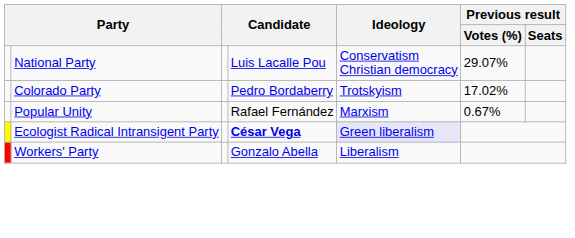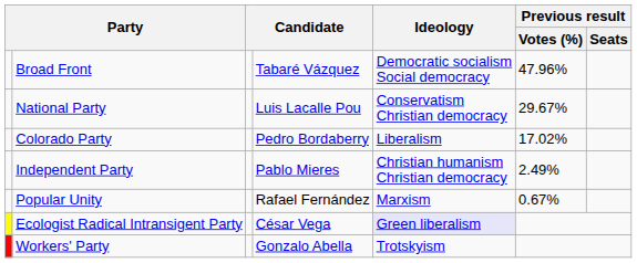 <table class=wikitable>
 <tr>
 <th colspan="2" rowspan="2">Party</th>
 <th colspan="2" rowspan="2">Candidate</th>
 <th rowspan="2">Ideology</th>
 <th colspan="2">Previous result</th>
 </tr>
 <tr>
 <th>Votes (%)</th>
 <th>Seats</th>
 </tr>
 <tr>
 <td width="1"></td>
+<td><a href='#'>Broad Front</a></td>
+<td></td>
+<td><a href='#'>Tabaré Vázquez</a></td>
+<td><a href='#'>Democratic socialism</a><br><a href='#'>Social democracy</a></td>
+<td>47.96%</td>
+<td></td>
+</tr>
+<tr>
+<td width="1"></td>
 <td><a href='#'>National Party</a></td>
 <td></td>
 <td><a href='#'>Luis Lacalle Pou</a></td>
 <td><a href='#'>Conservatism</a><br><a href='#'>Christian democracy</a></td>
-<td>29.07%</td>
+<td>29.67%</td>
 <td></td>
 </tr>
 <tr>
 <td width="1"></td>
 <td><a href='#'>Colorado Party</a></td>
 <td></td>
 <td><a href='#'>Pedro Bordaberry</a></td>
-<td><a href='#'>Trotskyism</a></td>
+<td><a href='#'>Liberalism</a></td>
 <td>17.02%</td>
+<td></td>
+</tr>
+<tr>
+<td width="1"></td>
+<td><a href='#'>Independent Party</a></td>
+<td></td>
+<td><a href='#'>Pablo Mieres</a></td>
+<td><a href='#'>Christian humanism</a><br><a href='#'>Christian democracy</a></td>
+<td>2.49%</td>
 <td></td>
 </tr>
 <tr>
 <td width="1"></td>
 <td><a href='#'>Popular Unity</a></td>
 <td></td>
 <td>Rafael Fernández</td>
 <td><a href='#'>Marxism</a></td>
 <td>0.67%</td>
 <td></td>
 </tr>
 <tr>
 <td bgcolor=#FCFD04></td>
 <td><a href='#'>Ecologist Radical Intransigent Party</a></td>
 <td></td>
-<td><strong><a href='#'>César Vega</a></strong></td>
+<td><a href='#'>César Vega</a></td>
 <td style="background: lavender;"><a href='#'>Green liberalism</a></td>
 <td colspan="2"></td>
 </tr>
 <tr>
 <td bgcolor=#FF0000></td>
 <td><a href='#'>Workers' Party</a></td>
 <td></td>
 <td><a href='#'>Gonzalo Abella</a></td>
-<td><a href='#'>Liberalism</a></td>
+<td><a href='#'>Trotskyism</a></td>
 <td colspan="2"></td>
 </tr>
 </table>
